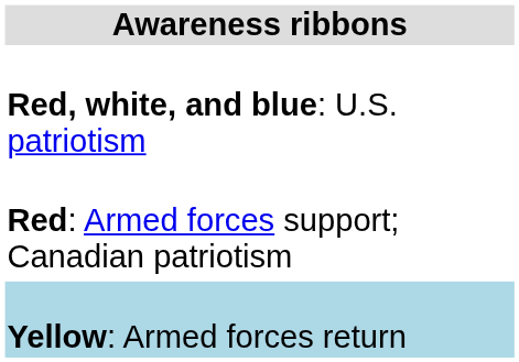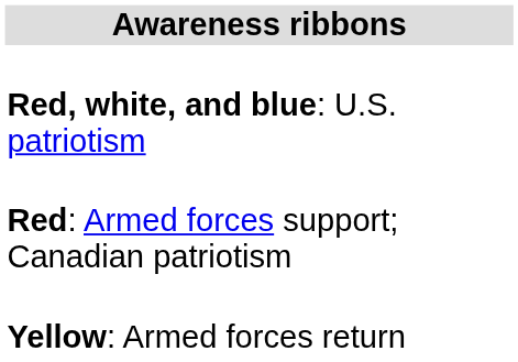 <table class="toccolours"  style="float:right; margin: 0 0 1em 1em; width:258px; text-align:left; clear:right;">
 <tr>
 <th style="background:#dddddd; text-align:center;">Awareness ribbons</th>
 </tr>
 <tr>
 <td><br> <strong>Red, white, and blue</strong>: U.S. <a href='#'>patriotism</a></td>
 </tr>
 <tr>
 <td><br> <strong>Red</strong>: <a href='#'>Armed forces</a> support; Canadian patriotism</td>
 </tr>
 <tr>
-<td style="background: lightblue;"><br> <strong>Yellow</strong>: Armed forces return</td>
+<td><br> <strong>Yellow</strong>: Armed forces return</td>
 </tr>
 </table>
